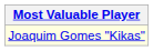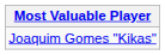 <table class=wikitable style="text-align:center; margin:auto">
 <tr>
 <th><a href='#'>Most Valuable Player</a></th>
 </tr>
 <tr>
-<td style="background: lightyellow;"> <a href='#'>Joaquim Gomes "Kikas"</a></td>
+<td> <a href='#'>Joaquim Gomes "Kikas"</a></td>
 </tr>
 </table>
